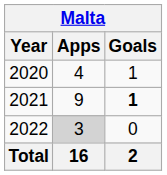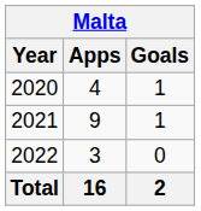 <table class="wikitable" style="text-align:center">
 <tr>
 <th colspan=3><a href='#'>Malta</a></th>
 </tr>
 <tr>
 <th>Year</th>
 <th>Apps</th>
 <th>Goals</th>
 </tr>
 <tr>
 <td>2020</td>
 <td>4</td>
 <td>1</td>
 </tr>
 <tr>
 <td>2021</td>
 <td>9</td>
-<td><strong>1</strong></td>
+<td>1</td>
 </tr>
 <tr>
 <td>2022</td>
-<td style="background: lightgrey;">3</td>
+<td>3</td>
 <td>0</td>
 </tr>
 <tr>
 <th>Total</th>
 <th>16</th>
 <th>2</th>
 </tr>
 </table>
